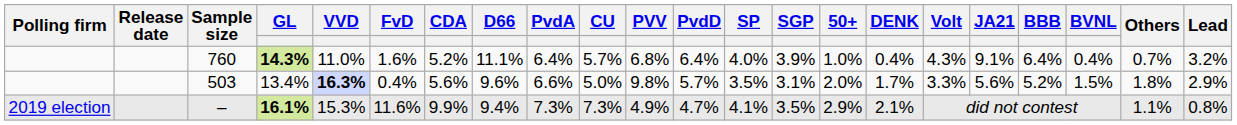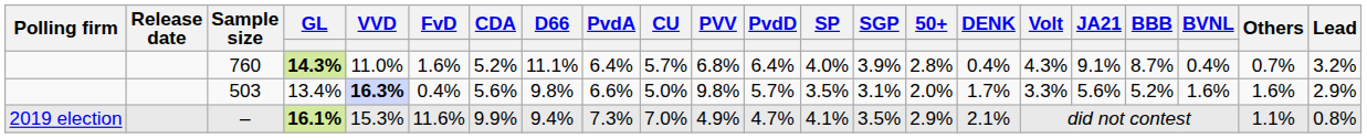 <table class="wikitable sortable tpl-blanktable" style="text-align:center;font-size:90%;line-height:14px;">
 <tr>
 <th rowspan="2">Polling firm</th>
 <th rowspan="2">Release<br>date</th>
 <th rowspan="2">Sample<br>size</th>
 <th class="unsortable" style="width:30px;"><a href='#'>GL</a></th>
 <th class="unsortable" style="width:30px;"><a href='#'>VVD</a></th>
 <th class="unsortable" style="width:30px;"><a href='#'>FvD</a></th>
 <th class="unsortable" style="width:30px;"><a href='#'>CDA</a></th>
 <th class="unsortable" style="width:30px;"><a href='#'>D66</a></th>
 <th class="unsortable" style="width:30px;"><a href='#'>PvdA</a></th>
 <th class="unsortable" style="width:30px;"><a href='#'>CU</a></th>
 <th class="unsortable" style="width:30px;"><a href='#'>PVV</a></th>
 <th class="unsortable" style="width:30px;"><a href='#'>PvdD</a></th>
 <th class="unsortable" style="width:30px;"><a href='#'>SP</a></th>
 <th class="unsortable" style="width:30px;"><a href='#'>SGP</a></th>
 <th class="unsortable" style="width:30px;"><a href='#'>50+</a></th>
 <th class="unsortable" style="width:30px;"><a href='#'>DENK</a></th>
 <th class="unsortable" style="width:30px;"><a href='#'>Volt</a></th>
 <th class="unsortable" style="width:30px;"><a href='#'>JA21</a></th>
 <th class="unsortable" style="width:30px;"><a href='#'>BBB</a></th>
 <th class="unsortable" style="width:30px;"><a href='#'>BVNL</a></th>
 <th class="unsortable" style="width:30px;" rowspan="2">Others</th>
 <th rowspan="2">Lead</th>
 </tr>
 <tr>
 <th data-sort-type="number" style="background:"></th>
 <th data-sort-type="number" style="background:"></th>
 <th data-sort-type="number" style="background:"></th>
 <th data-sort-type="number" style="background:"></th>
 <th data-sort-type="number" style="background:"></th>
 <th data-sort-type="number" style="background:"></th>
 <th data-sort-type="number" style="background:"></th>
 <th data-sort-type="number" style="background:"></th>
 <th data-sort-type="number" style="background:"></th>
 <th data-sort-type="number" style="background:"></th>
 <th data-sort-type="number" style="background:"></th>
 <th data-sort-type="number" style="background:"></th>
 <th data-sort-type="number" style="background:"></th>
 <th data-sort-type="number" style="background:"></th>
 <th data-sort-type="number" style="background:"></th>
 <th data-sort-type="number" style="background:"></th>
 <th data-sort-type="number" style="background:"></th>
 </tr>
 <tr>
 <td></td>
 <td></td>
 <td>760</td>
 <td style="background:#d3ea9e;"><strong>14.3%</strong></td>
 <td>11.0%</td>
 <td>1.6%</td>
 <td>5.2%</td>
 <td>11.1%</td>
 <td>6.4%</td>
 <td>5.7%</td>
 <td>6.8%</td>
 <td>6.4%</td>
 <td>4.0%</td>
 <td>3.9%</td>
-<td>1.0%</td>
+<td>2.8%</td>
 <td>0.4%</td>
 <td>4.3%</td>
 <td>9.1%</td>
-<td>6.4%</td>
+<td>8.7%</td>
 <td>0.4%</td>
 <td>0.7%</td>
 <td style="background:">3.2%</td>
 </tr>
 <tr>
 <td></td>
 <td></td>
 <td>503</td>
 <td>13.4%</td>
 <td style="background:#CED7FD;"><strong>16.3%</strong></td>
 <td>0.4%</td>
 <td>5.6%</td>
-<td>9.6%</td>
+<td>9.8%</td>
 <td>6.6%</td>
 <td>5.0%</td>
 <td>9.8%</td>
 <td>5.7%</td>
 <td>3.5%</td>
 <td>3.1%</td>
 <td>2.0%</td>
 <td>1.7%</td>
 <td>3.3%</td>
 <td>5.6%</td>
 <td>5.2%</td>
-<td>1.5%</td>
-<td>1.8%</td>
+<td>1.6%</td>
+<td>1.6%</td>
 <td style="background:">2.9%</td>
 </tr>
 <tr style="background:#E9E9E9;">
 <td><a href='#'>2019 election</a></td>
 <td></td>
 <td>–</td>
 <td style="background:#d3ea9e;"><strong>16.1%</strong></td>
 <td>15.3%</td>
 <td>11.6%</td>
 <td>9.9%</td>
 <td>9.4%</td>
 <td>7.3%</td>
-<td>7.3%</td>
+<td>7.0%</td>
 <td>4.9%</td>
 <td>4.7%</td>
 <td>4.1%</td>
 <td>3.5%</td>
 <td>2.9%</td>
 <td>2.1%</td>
 <td colspan=4><em>did not contest</em></td>
 <td>1.1%</td>
 <td style="background:">0.8%</td>
 </tr>
 </table>
